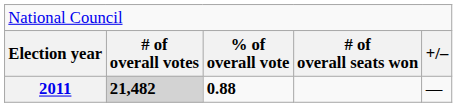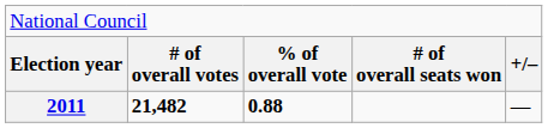 <table class=wikitable>
 <tr>
 <td colspan="5"><a href='#'>National Council</a></td>
 </tr>
 <tr>
 <th>Election year</th>
 <th># of<br>overall votes</th>
 <th>% of<br>overall vote</th>
 <th># of<br>overall seats won</th>
 <th>+/–</th>
 </tr>
 <tr>
 <th><a href='#'>2011</a></th>
-<td style="background: lightgrey;"><strong>21,482</strong></td>
+<td><strong>21,482</strong></td>
 <td><strong>0.88</strong></td>
 <td></td>
 <td>—</td>
 </tr>
 </table>
